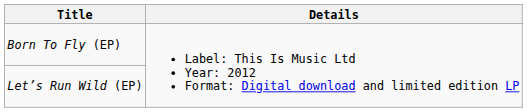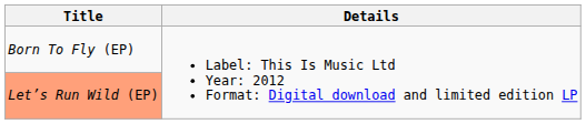 <table class="wikitable">
 <tr>
 <th>Title</th>
 <th>Details</th>
 </tr>
 <tr>
 <td><em>Born To Fly</em> (EP)</td>
 <td rowspan="2"><br><ul><li>Label: This Is Music Ltd</li><li>Year: 2012</li><li>Format: <a href='#'>Digital download</a> and limited edition <a href='#'>LP</a></li></ul></td>
 </tr>
 <tr>
-<td><em>Let’s Run Wild</em> (EP)</td>
+<td style="background: lightsalmon;"><em>Let’s Run Wild</em> (EP)</td>
 </tr>
 </table>
